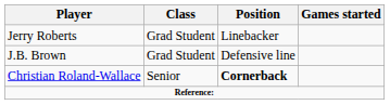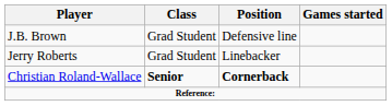 <table class="wikitable">
 <tr>
 <th style="text-align:center; ">Player</th>
 <th style="text-align:center; ">Class</th>
 <th style="text-align:center; ">Position</th>
 <th style="text-align:center; ">Games started</th>
 </tr>
 <tr>
+<td>J.B. Brown</td>
+<td>Grad Student</td>
+<td>Defensive line</td>
+<td></td>
+</tr>
+<tr>
 <td>Jerry Roberts</td>
 <td>Grad Student</td>
 <td>Linebacker</td>
 <td></td>
 </tr>
 <tr>
-<td>J.B. Brown</td>
-<td>Grad Student</td>
-<td>Defensive line</td>
-<td></td>
-</tr>
-<tr>
 <td><a href='#'>Christian Roland-Wallace</a></td>
-<td>Senior</td>
+<td><strong>Senior</strong></td>
 <td><strong>Cornerback</strong></td>
 <td></td>
 </tr>
 <tr>
 <td colspan="4"  style="font-size:8pt; text-align:center;"><strong>Reference:</strong></td>
 </tr>
 </table>
